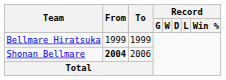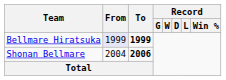 <table class="wikitable" style="text-align: center">
 <tr>
 <th rowspan="2">Team</th>
 <th rowspan="2">From</th>
 <th rowspan="2">To</th>
 <th colspan="5">Record</th>
 </tr>
 <tr>
 <th>G</th>
 <th>W</th>
 <th>D</th>
 <th>L</th>
 <th>Win %</th>
 </tr>
 <tr>
 <td align="left"><a href='#'>Bellmare Hiratsuka</a></td>
-<td align="left">1999</td>
-<td align="left">1999<br></td>
+<td align="left" style="background: lavender;">1999</td>
+<td align="left"><strong>1999<br></strong></td>
 </tr>
 <tr>
 <td align="left"><a href='#'>Shonan Bellmare</a></td>
-<td align="left"><strong>2004</strong></td>
-<td align="left">2006<br></td>
+<td align="left">2004</td>
+<td align="left"><strong>2006<br></strong></td>
 </tr>
 <tr>
 <th colspan="3">Total<br></th>
 </tr>
 </table>
